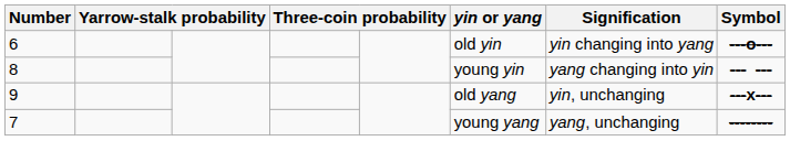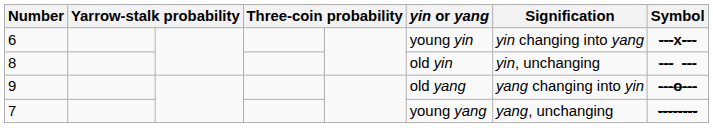 <table class="wikitable sortable">
 <tr>
 <th>Number</th>
 <th colspan="2">Yarrow-stalk probability</th>
 <th colspan="2">Three-coin probability</th>
 <th><em>yin</em> or <em>yang</em></th>
 <th>Signification</th>
 <th>Symbol</th>
 </tr>
 <tr>
 <td>6</td>
 <td></td>
 <td rowspan="2"></td>
 <td></td>
 <td rowspan="2"></td>
-<td>old <em>yin</em></td>
+<td>young <em>yin</em></td>
 <td><em>yin</em> changing into <em>yang</em></td>
-<td style="text-align:center;"><s><strong>---o---</strong></s></td>
+<td style="text-align:center;"><s><strong>---</strong></s><strong>x</strong><s><strong>---</strong></s></td>
 </tr>
 <tr>
 <td>8</td>
 <td></td>
 <td></td>
-<td>young <em>yin</em></td>
-<td><em>yang</em> changing into <em>yin</em></td>
+<td>old <em>yin</em></td>
+<td><em>yin</em>, unchanging</td>
 <td style="text-align:center;"><s><strong>---</strong></s>  <s><strong>---</strong></s></td>
 </tr>
 <tr>
 <td>9</td>
 <td></td>
 <td rowspan="2"></td>
 <td></td>
 <td rowspan="2"></td>
 <td>old <em>yang</em></td>
-<td><em>yin</em>, unchanging</td>
-<td style="text-align:center;"><s><strong>---</strong></s><strong>x</strong><s><strong>---</strong></s></td>
+<td><em>yang</em> changing into <em>yin</em></td>
+<td style="text-align:center;"><s><strong>---o---</strong></s></td>
 </tr>
 <tr>
 <td>7</td>
 <td></td>
 <td></td>
 <td>young <em>yang</em></td>
 <td><em>yang</em>, unchanging</td>
 <td style="text-align:center;"><s><strong>--------</strong></s></td>
 </tr>
 </table>
